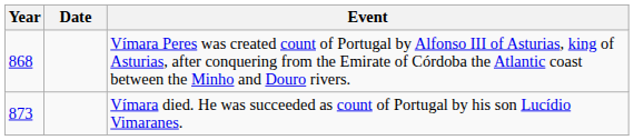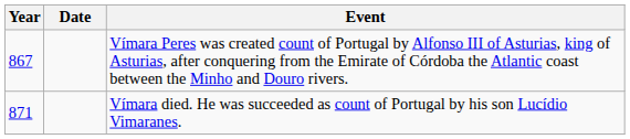 <table class="wikitable" width="100%">
 <tr>
 <th style="width:6%">Year</th>
 <th style="width:10%">Date</th>
 <th>Event</th>
 </tr>
 <tr>
-<td><a href='#'>868</a></td>
+<td><a href='#'>867</a></td>
 <td></td>
 <td><a href='#'>Vímara Peres</a> was created <a href='#'>count</a> of Portugal by <a href='#'>Alfonso III of Asturias</a>, <a href='#'>king</a> of <a href='#'>Asturias</a>, after conquering from the Emirate of Córdoba the <a href='#'>Atlantic</a> coast between the <a href='#'>Minho</a> and <a href='#'>Douro</a> rivers.</td>
 </tr>
 <tr>
-<td><a href='#'>873</a></td>
+<td><a href='#'>871</a></td>
 <td></td>
 <td><a href='#'>Vímara</a> died.  He was succeeded as <a href='#'>count</a> of Portugal by his son <a href='#'>Lucídio Vimaranes</a>.</td>
 </tr>
 </table>
